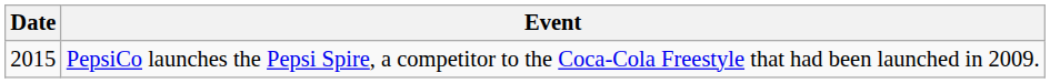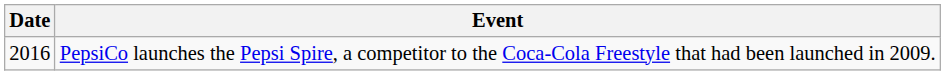 <table class="wikitable">
 <tr>
 <th>Date</th>
 <th>Event</th>
 </tr>
 <tr>
-<td>2015</td>
+<td>2016</td>
 <td><a href='#'>PepsiCo</a> launches the <a href='#'>Pepsi Spire</a>, a competitor to the <a href='#'>Coca-Cola Freestyle</a> that had been launched in 2009.</td>
 </tr>
 </table>
